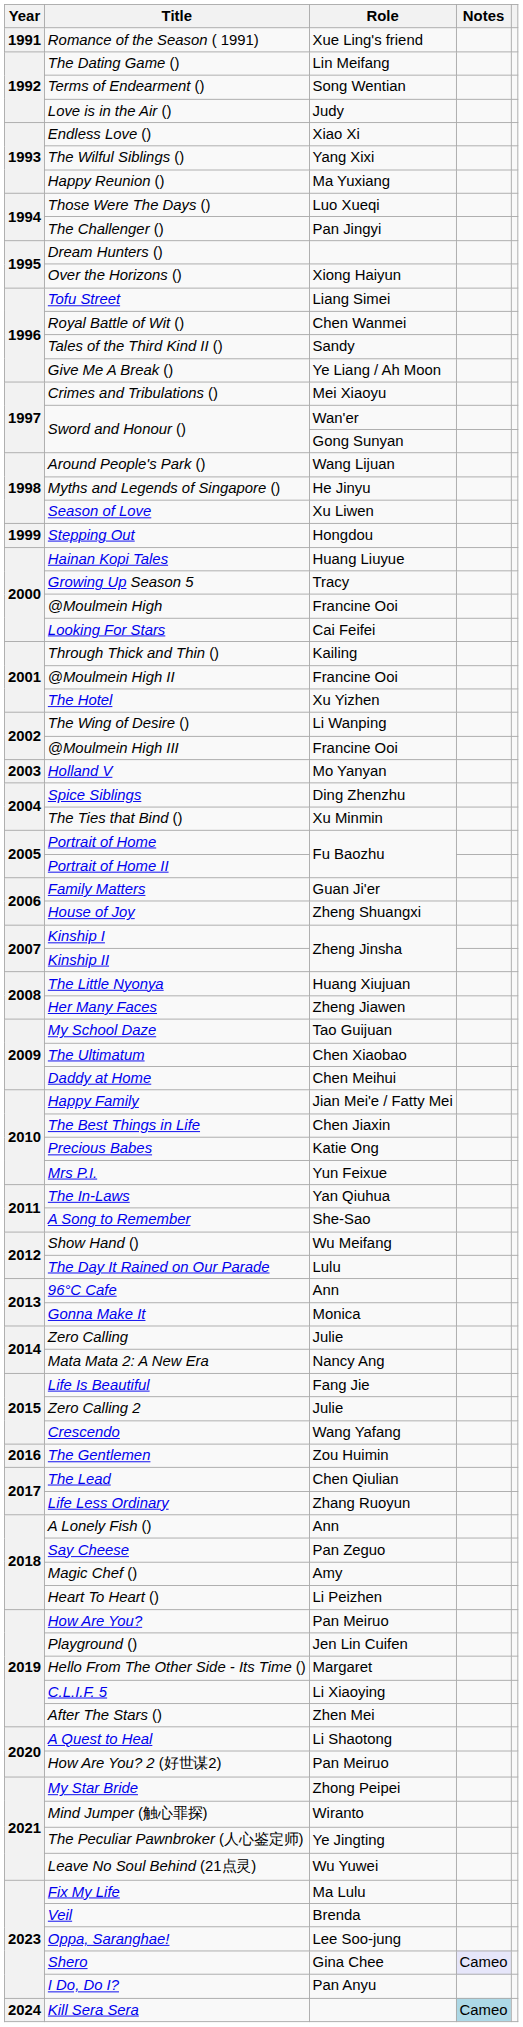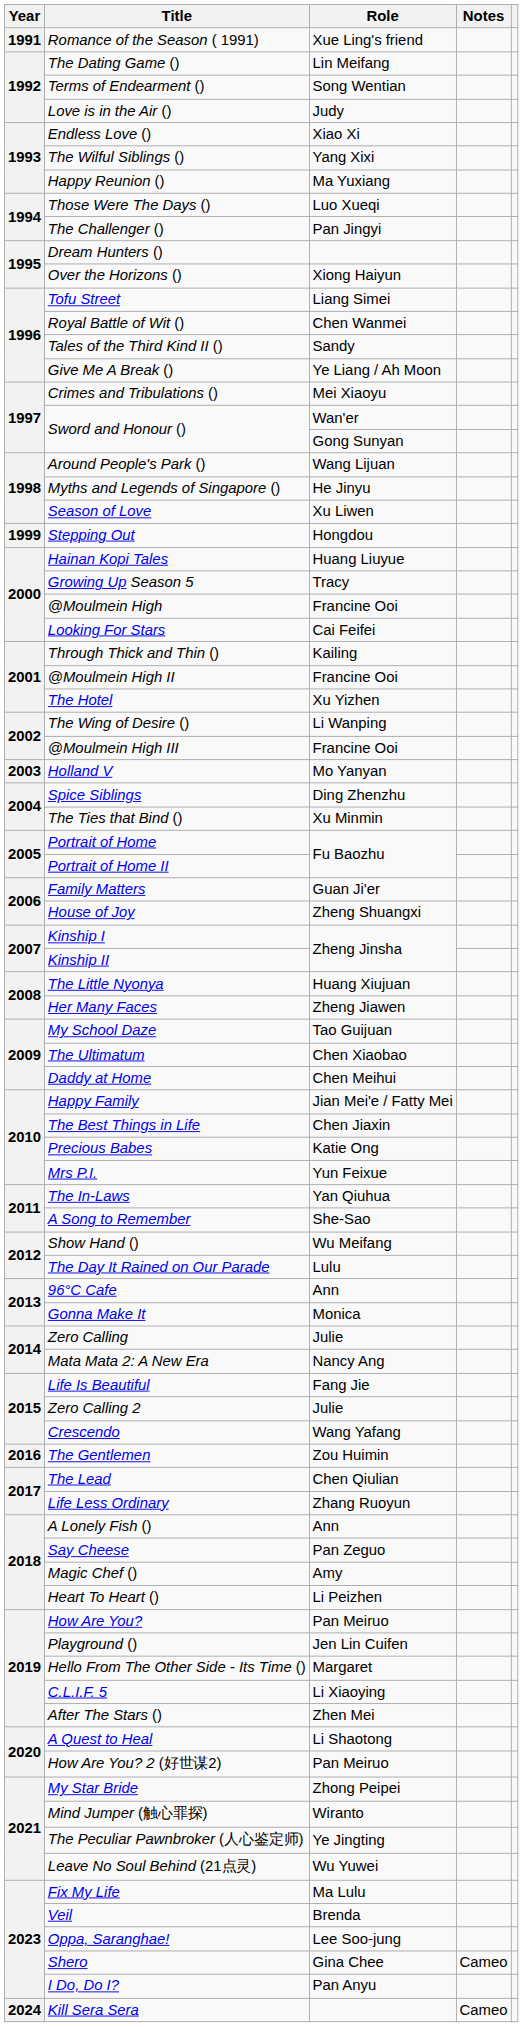 <table class="wikitable sortable plainrowheaders">
 <tr>
 <th scope="col">Year</th>
 <th scope="col">Title</th>
 <th scope="col">Role</th>
 <th scope="col" class="unsortable">Notes</th>
 <th scope="col" class="unsortable"></th>
 </tr>
 <tr>
 <th scope="row" rowspan="1">1991</th>
 <td><em>Romance of the Season</em> ( 1991)</td>
 <td>Xue Ling's friend</td>
 <td></td>
 <td></td>
 </tr>
 <tr>
 <th scope="row" rowspan="3">1992</th>
 <td><em>The Dating Game</em> ()</td>
 <td>Lin Meifang</td>
 <td></td>
 <td></td>
 </tr>
 <tr>
 <td><em>Terms of Endearment</em> ()</td>
 <td>Song Wentian</td>
 <td></td>
 <td></td>
 </tr>
 <tr>
 <td><em>Love is in the Air</em> ()</td>
 <td>Judy</td>
 <td></td>
 <td></td>
 </tr>
 <tr>
 <th scope="row" rowspan="3">1993</th>
 <td><em>Endless Love</em> ()</td>
 <td>Xiao Xi</td>
 <td></td>
 <td></td>
 </tr>
 <tr>
 <td><em>The Wilful Siblings</em> ()</td>
 <td>Yang Xixi</td>
 <td></td>
 <td></td>
 </tr>
 <tr>
 <td><em>Happy Reunion</em> ()</td>
 <td>Ma Yuxiang</td>
 <td></td>
 <td></td>
 </tr>
 <tr>
 <th scope="row" rowspan="2">1994</th>
 <td><em>Those Were The Days</em> ()</td>
 <td>Luo Xueqi</td>
 <td></td>
 <td></td>
 </tr>
 <tr>
 <td><em>The Challenger</em> ()</td>
 <td>Pan Jingyi</td>
 <td></td>
 <td></td>
 </tr>
 <tr>
 <th scope="row" rowspan="2">1995</th>
 <td><em>Dream Hunters</em> ()</td>
 <td></td>
 <td></td>
 <td></td>
 </tr>
 <tr>
 <td><em>Over the Horizons</em> ()</td>
 <td>Xiong Haiyun</td>
 <td></td>
 <td></td>
 </tr>
 <tr>
 <th scope="row" rowspan="4">1996</th>
 <td><em><a href='#'>Tofu Street</a></em></td>
 <td>Liang Simei</td>
 <td></td>
 <td></td>
 </tr>
 <tr>
 <td><em>Royal Battle of Wit</em> ()</td>
 <td>Chen Wanmei</td>
 <td></td>
 <td></td>
 </tr>
 <tr>
 <td><em>Tales of the Third Kind II</em> ()</td>
 <td>Sandy</td>
 <td></td>
 <td></td>
 </tr>
 <tr>
 <td><em>Give Me A Break</em> ()</td>
 <td>Ye Liang / Ah Moon</td>
 <td></td>
 <td></td>
 </tr>
 <tr>
 <th scope="row" rowspan="3">1997</th>
 <td><em>Crimes and Tribulations</em> ()</td>
 <td>Mei Xiaoyu</td>
 <td></td>
 <td></td>
 </tr>
 <tr>
 <td rowspan="2"><em>Sword and Honour</em> ()</td>
 <td>Wan'er</td>
 <td></td>
 <td></td>
 </tr>
 <tr>
 <td>Gong Sunyan</td>
 <td></td>
 <td></td>
 </tr>
 <tr>
 <th scope="row" rowspan="3">1998</th>
 <td><em>Around People's Park</em> ()</td>
 <td>Wang Lijuan</td>
 <td></td>
 <td></td>
 </tr>
 <tr>
 <td><em>Myths and Legends of Singapore</em> ()</td>
 <td>He Jinyu</td>
 <td></td>
 <td></td>
 </tr>
 <tr>
 <td><em><a href='#'>Season of Love</a></em></td>
 <td>Xu Liwen</td>
 <td></td>
 <td></td>
 </tr>
 <tr>
 <th scope="row" rowspan="1">1999</th>
 <td><em><a href='#'>Stepping Out</a></em></td>
 <td>Hongdou</td>
 <td></td>
 <td></td>
 </tr>
 <tr>
 <th scope="row" rowspan="4">2000</th>
 <td><em><a href='#'>Hainan Kopi Tales</a></em></td>
 <td>Huang Liuyue</td>
 <td></td>
 <td></td>
 </tr>
 <tr>
 <td><em><a href='#'>Growing Up</a> Season 5</em></td>
 <td>Tracy</td>
 <td></td>
 <td></td>
 </tr>
 <tr>
 <td><em>@Moulmein High</em></td>
 <td>Francine Ooi</td>
 <td></td>
 <td></td>
 </tr>
 <tr>
 <td><em><a href='#'>Looking For Stars</a></em></td>
 <td>Cai Feifei</td>
 <td></td>
 <td></td>
 </tr>
 <tr>
 <th scope="row" rowspan="3">2001</th>
 <td><em>Through Thick and Thin</em> ()</td>
 <td>Kailing</td>
 <td></td>
 <td></td>
 </tr>
 <tr>
 <td><em>@Moulmein High II</em></td>
 <td>Francine Ooi</td>
 <td></td>
 <td></td>
 </tr>
 <tr>
 <td><em><a href='#'>The Hotel</a></em></td>
 <td>Xu Yizhen</td>
 <td></td>
 <td></td>
 </tr>
 <tr>
 <th scope="row" rowspan="2">2002</th>
 <td><em>The Wing of Desire</em> ()</td>
 <td>Li Wanping</td>
 <td></td>
 <td></td>
 </tr>
 <tr>
 <td><em>@Moulmein High III</em></td>
 <td>Francine Ooi</td>
 <td></td>
 <td></td>
 </tr>
 <tr>
 <th scope="row" rowspan="1">2003</th>
 <td><em><a href='#'>Holland V</a></em></td>
 <td>Mo Yanyan</td>
 <td></td>
 <td></td>
 </tr>
 <tr>
 <th scope="row" rowspan="2">2004</th>
 <td><em><a href='#'>Spice Siblings</a></em></td>
 <td>Ding Zhenzhu</td>
 <td></td>
 <td></td>
 </tr>
 <tr>
 <td><em>The Ties that Bind</em> ()</td>
 <td>Xu Minmin</td>
 <td></td>
 <td></td>
 </tr>
 <tr>
 <th scope="row" rowspan="2">2005</th>
 <td><em><a href='#'>Portrait of Home</a></em></td>
 <td rowspan="2">Fu Baozhu</td>
 <td></td>
 <td></td>
 </tr>
 <tr>
 <td><em><a href='#'>Portrait of Home II</a></em></td>
 <td></td>
 <td></td>
 </tr>
 <tr>
 <th scope="row" rowspan="2">2006</th>
 <td><em><a href='#'>Family Matters</a></em></td>
 <td>Guan Ji'er</td>
 <td></td>
 <td></td>
 </tr>
 <tr>
 <td><em><a href='#'>House of Joy</a></em></td>
 <td>Zheng Shuangxi</td>
 <td></td>
 <td></td>
 </tr>
 <tr>
 <th scope="row" rowspan="2">2007</th>
 <td><em><a href='#'>Kinship I</a></em></td>
 <td rowspan="2">Zheng Jinsha</td>
 <td></td>
 <td></td>
 </tr>
 <tr>
 <td><em><a href='#'>Kinship II</a></em></td>
 <td></td>
 <td></td>
 </tr>
 <tr>
 <th scope="row" rowspan="2">2008</th>
 <td><em><a href='#'>The Little Nyonya</a></em></td>
 <td>Huang Xiujuan</td>
 <td></td>
 <td></td>
 </tr>
 <tr>
 <td><em><a href='#'>Her Many Faces</a></em></td>
 <td>Zheng Jiawen</td>
 <td></td>
 <td></td>
 </tr>
 <tr>
 <th scope="row" rowspan="3">2009</th>
 <td><em><a href='#'>My School Daze</a></em></td>
 <td>Tao Guijuan</td>
 <td></td>
 <td></td>
 </tr>
 <tr>
 <td><em><a href='#'>The Ultimatum</a></em></td>
 <td>Chen Xiaobao</td>
 <td></td>
 <td></td>
 </tr>
 <tr>
 <td><em><a href='#'>Daddy at Home</a></em></td>
 <td>Chen Meihui</td>
 <td></td>
 <td></td>
 </tr>
 <tr>
 <th scope="row" rowspan="4">2010</th>
 <td><em><a href='#'>Happy Family</a></em></td>
 <td>Jian Mei'e / Fatty Mei</td>
 <td></td>
 <td></td>
 </tr>
 <tr>
 <td><em><a href='#'>The Best Things in Life</a></em></td>
 <td>Chen Jiaxin</td>
 <td></td>
 <td></td>
 </tr>
 <tr>
 <td><em><a href='#'>Precious Babes</a></em></td>
 <td>Katie Ong</td>
 <td></td>
 <td></td>
 </tr>
 <tr>
 <td><em><a href='#'>Mrs P.I.</a></em></td>
 <td>Yun Feixue</td>
 <td></td>
 <td></td>
 </tr>
 <tr>
 <th scope="row" rowspan="2">2011</th>
 <td><em><a href='#'>The In-Laws</a></em></td>
 <td>Yan Qiuhua</td>
 <td></td>
 <td></td>
 </tr>
 <tr>
 <td><em><a href='#'>A Song to Remember</a></em></td>
 <td>She-Sao</td>
 <td></td>
 <td></td>
 </tr>
 <tr>
 <th scope="row" rowspan="2">2012</th>
 <td><em>Show Hand</em> ()</td>
 <td>Wu Meifang</td>
 <td></td>
 <td></td>
 </tr>
 <tr>
 <td><em><a href='#'>The Day It Rained on Our Parade</a></em></td>
 <td>Lulu</td>
 <td></td>
 <td></td>
 </tr>
 <tr>
 <th scope="row" rowspan="2">2013</th>
 <td><em><a href='#'>96°C Cafe</a></em></td>
 <td>Ann</td>
 <td></td>
 <td></td>
 </tr>
 <tr>
 <td><em><a href='#'>Gonna Make It</a></em></td>
 <td>Monica</td>
 <td></td>
 <td></td>
 </tr>
 <tr>
 <th scope="row" rowspan="2">2014</th>
 <td><em>Zero Calling</em></td>
 <td>Julie</td>
 <td></td>
 <td></td>
 </tr>
 <tr>
 <td><em>Mata Mata 2: A New Era</em></td>
 <td>Nancy Ang</td>
 <td></td>
 <td></td>
 </tr>
 <tr>
 <th scope="row" rowspan="3">2015</th>
 <td><em><a href='#'>Life Is Beautiful</a></em></td>
 <td>Fang Jie</td>
 <td></td>
 <td></td>
 </tr>
 <tr>
 <td><em>Zero Calling 2</em></td>
 <td>Julie</td>
 <td></td>
 <td></td>
 </tr>
 <tr>
 <td><em><a href='#'>Crescendo</a></em></td>
 <td>Wang Yafang</td>
 <td></td>
 <td></td>
 </tr>
 <tr>
 <th scope="row" rowspan="1">2016</th>
 <td><em><a href='#'>The Gentlemen</a></em></td>
 <td>Zou Huimin</td>
 <td></td>
 <td></td>
 </tr>
 <tr>
 <th scope="row" rowspan="2">2017</th>
 <td><em><a href='#'>The Lead</a></em></td>
 <td>Chen Qiulian</td>
 <td></td>
 <td></td>
 </tr>
 <tr>
 <td><em><a href='#'>Life Less Ordinary</a></em></td>
 <td>Zhang Ruoyun</td>
 <td></td>
 <td></td>
 </tr>
 <tr>
 <th scope="row" rowspan="4">2018</th>
 <td><em>A Lonely Fish</em> ()</td>
 <td>Ann</td>
 <td></td>
 <td></td>
 </tr>
 <tr>
 <td><em><a href='#'>Say Cheese</a></em></td>
 <td>Pan Zeguo</td>
 <td></td>
 <td></td>
 </tr>
 <tr>
 <td><em>Magic Chef</em> ()</td>
 <td>Amy</td>
 <td></td>
 <td></td>
 </tr>
 <tr>
 <td><em>Heart To Heart</em> ()</td>
 <td>Li Peizhen</td>
 <td></td>
 <td></td>
 </tr>
 <tr>
 <th scope="row" rowspan="5">2019</th>
 <td><em><a href='#'>How Are You?</a></em></td>
 <td>Pan Meiruo</td>
 <td></td>
 <td></td>
 </tr>
 <tr>
 <td><em>Playground</em> ()</td>
 <td>Jen Lin Cuifen</td>
 <td></td>
 <td></td>
 </tr>
 <tr>
 <td><em>Hello From The Other Side - Its Time</em> ()</td>
 <td>Margaret</td>
 <td></td>
 <td></td>
 </tr>
 <tr>
 <td><em><a href='#'>C.L.I.F. 5</a></em></td>
 <td>Li Xiaoying</td>
 <td></td>
 <td></td>
 </tr>
 <tr>
 <td><em>After The Stars</em> ()</td>
 <td>Zhen Mei</td>
 <td></td>
 <td></td>
 </tr>
 <tr>
 <th scope="row" rowspan="2">2020</th>
 <td><em><a href='#'>A Quest to Heal</a></em></td>
 <td>Li Shaotong</td>
 <td></td>
 <td></td>
 </tr>
 <tr>
 <td><em>How Are You? 2</em> (好世谋2)</td>
 <td>Pan Meiruo</td>
 <td></td>
 <td></td>
 </tr>
 <tr>
 <th scope="row" rowspan="4">2021</th>
 <td><em><a href='#'>My Star Bride</a></em></td>
 <td>Zhong Peipei</td>
 <td></td>
 <td></td>
 </tr>
 <tr>
 <td><em>Mind Jumper</em> (触心罪探)</td>
 <td>Wiranto</td>
 <td></td>
 <td></td>
 </tr>
 <tr>
 <td><em>The Peculiar Pawnbroker</em> (人心鉴定师)</td>
 <td>Ye Jingting</td>
 <td></td>
 <td></td>
 </tr>
 <tr>
 <td><em>Leave No Soul Behind</em> (21点灵)</td>
 <td>Wu Yuwei</td>
 <td></td>
 <td></td>
 </tr>
 <tr>
 <th scope="row" rowspan="5">2023</th>
 <td><em><a href='#'>Fix My Life</a></em></td>
 <td>Ma Lulu</td>
 <td></td>
 <td></td>
 </tr>
 <tr>
 <td><em><a href='#'>Veil</a></em></td>
 <td>Brenda</td>
 <td></td>
 <td></td>
 </tr>
 <tr>
 <td><em><a href='#'>Oppa, Saranghae!</a></em></td>
 <td>Lee Soo-jung</td>
 <td></td>
 <td></td>
 </tr>
 <tr>
 <td><em><a href='#'>Shero</a></em></td>
 <td>Gina Chee</td>
-<td style="background: lavender;">Cameo</td>
+<td>Cameo</td>
 <td></td>
 </tr>
 <tr>
 <td><em><a href='#'>I Do, Do I?</a></em></td>
 <td>Pan Anyu</td>
 <td></td>
 <td></td>
 </tr>
 <tr>
 <th scope="row" rowspan="1">2024</th>
 <td><em><a href='#'>Kill Sera Sera</a></em></td>
 <td></td>
-<td style="background: lightblue;">Cameo</td>
+<td>Cameo</td>
 <td></td>
 </tr>
 </table>
